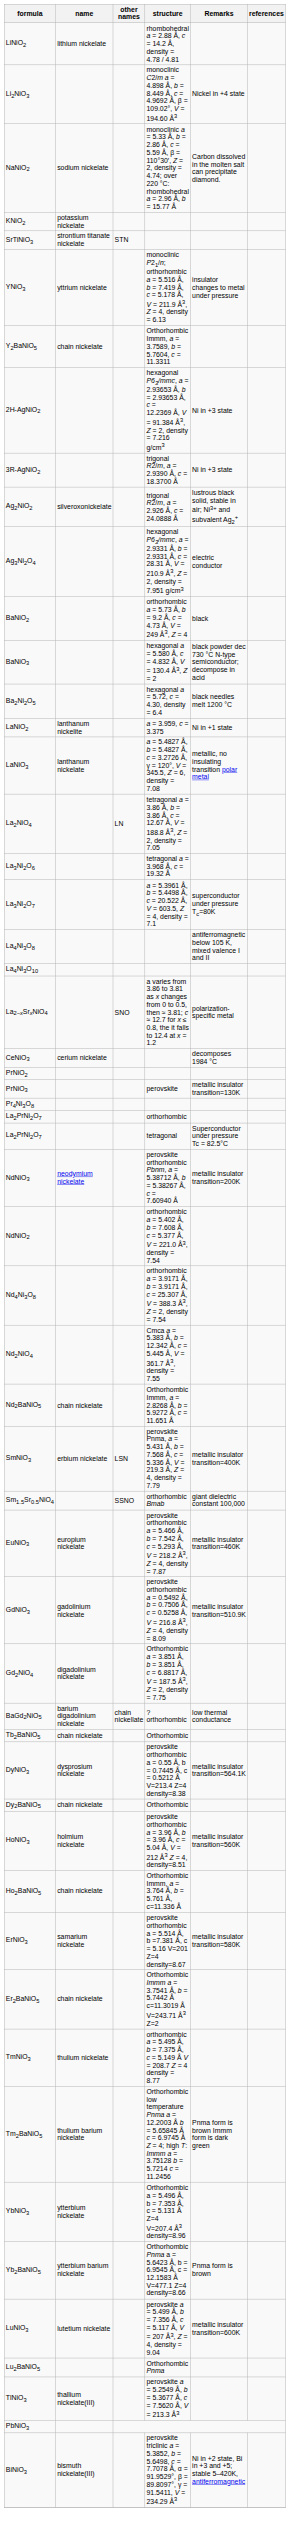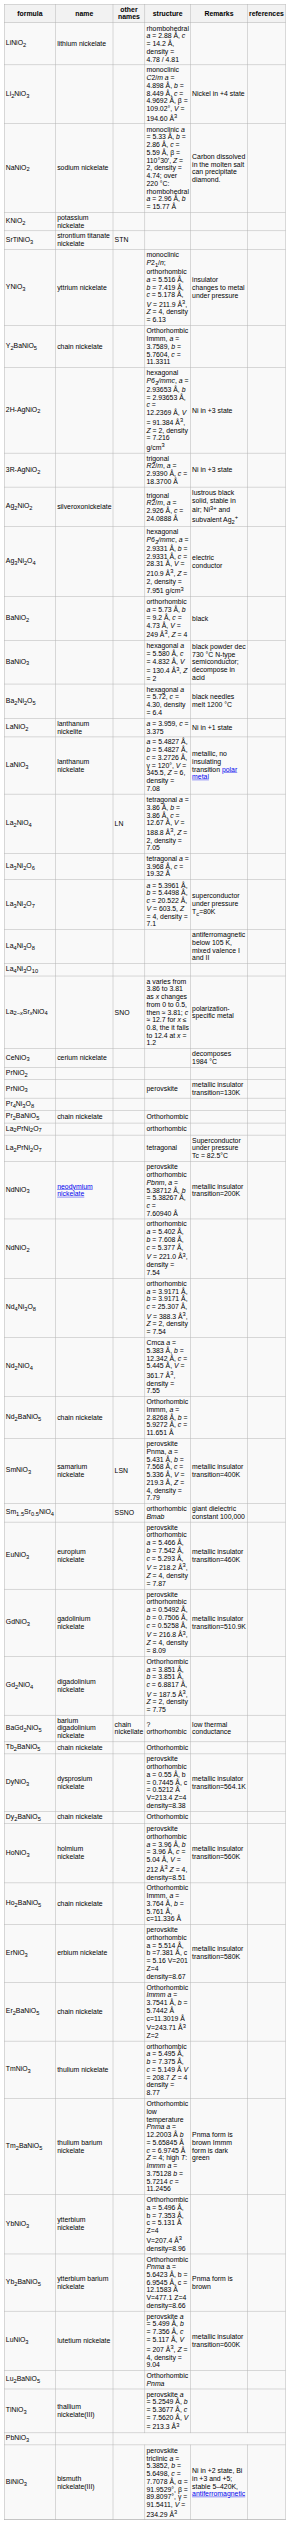 <table class="wikitable">
 <tr>
 <th>formula</th>
 <th>name</th>
 <th>other names</th>
 <th>structure</th>
 <th>Remarks</th>
 <th>references</th>
 </tr>
 <tr>
 <td>LiNiO<sub>2</sub></td>
 <td>lithium nickelate</td>
 <td></td>
 <td>rhombohedral <em>a</em> = 2.88 Å, <em>c</em> = 14.2 Å, density = 4.78 / 4.81</td>
 <td></td>
 <td></td>
 </tr>
 <tr>
 <td>Li<sub>2</sub>NiO<sub>3</sub></td>
 <td></td>
 <td></td>
 <td>monoclinic <em>C</em>2/<em>m</em> <em>a</em> = 4.898 Å, <em>b</em> = 8.449 Å, <em>c</em> = 4.9692 Å, β = 109.02°, <em>V</em> = 194.60 Å<sup>3</sup></td>
 <td>Nickel in +4 state</td>
 <td></td>
 </tr>
 <tr>
 <td>NaNiO<sub>2</sub></td>
 <td>sodium nickelate</td>
 <td></td>
 <td>monoclinic <em>a</em> = 5.33 Å, <em>b</em> = 2.86 Å, <em>c</em> = 5.59 Å, β = 110°30′, <em>Z</em> = 2, density = 4.74; over 220 °C: rhombohedral <em>a</em> = 2.96 Å, <em>b</em> = 15.77 Å</td>
 <td>Carbon dissolved in the molten salt can precipitate diamond.</td>
 <td></td>
 </tr>
 <tr>
 <td>KNiO<sub>2</sub></td>
 <td>potassium nickelate</td>
 <td></td>
 <td></td>
 <td></td>
 <td></td>
 </tr>
 <tr>
 <td>SrTiNiO<sub>3</sub></td>
 <td>strontium titanate nickelate</td>
 <td>STN</td>
 <td></td>
 <td></td>
 <td></td>
 </tr>
 <tr>
 <td>YNiO<sub>3</sub></td>
 <td>yttrium nickelate</td>
 <td></td>
 <td>monoclinic <em>P</em>2<sub>1</sub>/<em>n</em>; orthorhombic <em>a</em> = 5.516 Å, <em>b</em> = 7.419 Å, <em>c</em> = 5.178 Å, <em>V</em> = 211.9 Å<sup>3</sup>, <em>Z</em> = 4, density = 6.13</td>
 <td>insulator changes to metal under pressure</td>
 <td></td>
 </tr>
 <tr>
 <td>Y<sub>2</sub>BaNiO<sub>5</sub></td>
 <td>chain nickelate</td>
 <td></td>
 <td>Orthorhombic Immm, <em>a</em> = 3.7589, <em>b</em> = 5.7604, <em>c</em> = 11.3311</td>
 <td></td>
 <td></td>
 </tr>
 <tr>
 <td>2H-AgNiO<sub>2</sub></td>
 <td></td>
 <td></td>
 <td>hexagonal <em>P6<sub>3</sub>/mmc</em>, <em>a</em> = 2.93653 Å, <em>b</em> = 2.93653 Å, <em>c</em> = 12.2369 Å, <em>V</em> = 91.384 Å<sup>3</sup>, <em>Z</em> = 2, density = 7.216 g/cm<sup>3</sup></td>
 <td>Ni in +3 state</td>
 <td></td>
 </tr>
 <tr>
 <td>3R-AgNiO<sub>2</sub></td>
 <td></td>
 <td></td>
 <td>trigonal <em>R</em>2/<em>m</em>, <em>a</em> = 2.9390 Å, <em>c</em> = 18.3700 Å</td>
 <td>Ni in +3 state</td>
 <td></td>
 </tr>
 <tr>
 <td>Ag<sub>2</sub>NiO<sub>2</sub></td>
 <td>silveroxonickelate</td>
 <td></td>
 <td>trigonal <em>R</em>2/<em>m</em>, <em>a</em> = 2.926 Å, <em>c</em> = 24.0888 Å</td>
 <td>lustrous black solid, stable in air; Ni<sup>3+</sup> and subvalent Ag<sub>2</sub><sup>+</sup></td>
 <td></td>
 </tr>
 <tr>
 <td>Ag<sub>3</sub>Ni<sub>2</sub>O<sub>4</sub></td>
 <td></td>
 <td></td>
 <td>hexagonal <em>P6<sub>3</sub>/mmc</em>, <em>a</em> = 2.9331 Å, <em>b</em> = 2.9331 Å, <em>c</em> = 28.31 Å, <em>V</em> = 210.9 Å<sup>3</sup>, <em>Z</em> = 2, density = 7.951 g/cm<sup>3</sup></td>
 <td>electric conductor</td>
 <td></td>
 </tr>
 <tr>
 <td>BaNiO<sub>2</sub></td>
 <td></td>
 <td></td>
 <td>orthorhombic <em>a</em> = 5.73 Å, <em>b</em> = 9.2 Å, <em>c</em> = 4.73 Å, <em>V</em> = 249 Å<sup>3</sup>, <em>Z</em> = 4</td>
 <td>black</td>
 <td></td>
 </tr>
 <tr>
 <td>BaNiO<sub>3</sub></td>
 <td></td>
 <td></td>
 <td>hexagonal <em>a</em> = 5.580 Å, <em>c</em> = 4.832 Å, <em>V</em> = 130.4 Å<sup>3</sup>, <em>Z</em> = 2</td>
 <td>black powder dec 730 °C N-type semiconductor; decompose in acid</td>
 <td></td>
 </tr>
 <tr>
 <td>Ba<sub>2</sub>Ni<sub>2</sub>O<sub>5</sub></td>
 <td></td>
 <td></td>
 <td>hexagonal <em>a</em> = 5.72, <em>c</em> = 4.30, density = 6.4</td>
 <td>black needles melt 1200 °C</td>
 <td></td>
 </tr>
 <tr>
 <td>LaNiO<sub>2</sub></td>
 <td>lanthanum nickelite</td>
 <td></td>
 <td><em>a</em> = 3.959, <em>c</em> = 3.375</td>
 <td>Ni in +1 state</td>
 <td></td>
 </tr>
 <tr>
 <td>LaNiO<sub>3</sub></td>
 <td>lanthanum nickelate</td>
 <td></td>
 <td><em>a</em> = 5.4827 Å, <em>b</em> = 5.4827 Å, <em>c</em> = 3.2726 Å, γ = 120°, <em>V</em> = 345.5, <em>Z</em> = 6, density = 7.08</td>
 <td>metallic, no insulating transition <a href='#'>polar metal</a></td>
 <td></td>
 </tr>
 <tr>
 <td>La<sub>2</sub>NiO<sub>4</sub></td>
 <td></td>
 <td>LN</td>
 <td>tetragonal <em>a</em> = 3.86 Å, <em>b</em> = 3.86 Å, <em>c</em> = 12.67 Å, <em>V</em> = 188.8 Å<sup>3</sup>, <em>Z</em> = 2, density = 7.05</td>
 <td></td>
 <td></td>
 </tr>
 <tr>
 <td>La<sub>3</sub>Ni<sub>2</sub>O<sub>6</sub></td>
 <td></td>
 <td></td>
 <td>tetragonal <em>a</em> = 3.968 Å, <em>c</em> = 19.32 Å</td>
 <td></td>
 <td></td>
 </tr>
 <tr>
 <td>La<sub>3</sub>Ni<sub>2</sub>O<sub>7</sub></td>
 <td></td>
 <td></td>
 <td><em>a</em> = 5.3961 Å, <em>b</em> = 5.4498 Å, <em>c</em> = 20.522 Å, <em>V</em> = 603.5, <em>Z</em> = 4, density = 7.1</td>
 <td>superconductor under pressure T<sub>c</sub>=80K</td>
 <td></td>
 </tr>
 <tr>
 <td>La<sub>4</sub>Ni<sub>3</sub>O<sub>8</sub></td>
 <td></td>
 <td></td>
 <td></td>
 <td>antiferromagnetic below 105 K, mixed valence I and II</td>
 <td></td>
 </tr>
 <tr>
 <td>La<sub>4</sub>Ni<sub>3</sub>O<sub>10</sub></td>
 <td></td>
 <td></td>
 <td></td>
 <td></td>
 <td></td>
 </tr>
 <tr>
 <td>La<sub>2−<em>x</em></sub>Sr<sub><em>x</em></sub>NiO<sub>4</sub></td>
 <td></td>
 <td>SNO</td>
 <td>a varies from 3.86 to 3.81 as <em>x</em> changes from 0 to 0.5, then ≈ 3.81; <em>c</em> ≈ 12.7 for <em>x</em> ≤ 0.8, the it falls to 12.4 at <em>x</em> = 1.2</td>
 <td>polarization-specific metal</td>
 <td></td>
 </tr>
 <tr>
 <td>CeNiO<sub>3</sub></td>
 <td>cerium nickelate</td>
 <td></td>
 <td></td>
 <td>decomposes 1984 °C</td>
 <td></td>
 </tr>
 <tr>
 <td>PrNiO<sub>2</sub></td>
 <td></td>
 <td></td>
 <td></td>
 <td></td>
 <td></td>
 </tr>
 <tr>
 <td>PrNiO<sub>3</sub></td>
 <td></td>
 <td></td>
 <td>perovskite</td>
 <td>metallic insulator transition=130K</td>
 <td></td>
 </tr>
 <tr>
 <td>Pr<sub>4</sub>Ni<sub>3</sub>O<sub>8</sub></td>
 <td></td>
 <td></td>
 <td></td>
 <td></td>
 <td></td>
 </tr>
 <tr>
+<td>Pr<sub>2</sub>BaNiO<sub>5</sub></td>
+<td>chain nickelate</td>
+<td></td>
+<td>Orthorhombic</td>
+<td></td>
+<td></td>
+</tr>
+<tr>
 <td>La<sub>2</sub>PrNi<sub>2</sub>O<sub>7</sub></td>
 <td></td>
 <td></td>
 <td>orthorhombic</td>
 <td></td>
 <td></td>
 </tr>
 <tr>
 <td>La<sub>2</sub>PrNi<sub>2</sub>O<sub>7</sub></td>
 <td></td>
 <td></td>
 <td>tetragonal</td>
 <td>Superconductor under pressure Tc = 82.5°C</td>
 <td></td>
 </tr>
 <tr>
 <td>NdNiO<sub>3</sub></td>
 <td><a href='#'>neodymium nickelate</a></td>
 <td></td>
 <td>perovskite orthorhombic <em>Pbnm</em>, <em>a</em> = 5.38712 Å, <em>b</em> = 5.38267 Å, <em>c</em> = 7.60940 Å</td>
 <td>metallic insulator transition=200K</td>
 <td></td>
 </tr>
 <tr>
 <td>NdNiO<sub>2</sub></td>
 <td></td>
 <td></td>
 <td>orthorhombic <em>a</em> = 5.402 Å, <em>b</em> = 7.608 Å, <em>c</em> = 5.377 Å, <em>V</em> = 221.0 Å<sup>3</sup>, density = 7.54</td>
 <td></td>
 <td></td>
 </tr>
 <tr>
 <td>Nd<sub>4</sub>Ni<sub>3</sub>O<sub>8</sub></td>
 <td></td>
 <td></td>
 <td>orthorhombic <em>a</em> = 3.9171 Å, <em>b</em> = 3.9171 Å, <em>c</em> = 25.307 Å, <em>V</em> = 388.3 Å<sup>3</sup>, <em>Z</em> = 2, density = 7.54</td>
 <td></td>
 <td></td>
 </tr>
 <tr>
 <td>Nd<sub>2</sub>NiO<sub>4</sub></td>
 <td></td>
 <td></td>
 <td>Cmca <em>a</em> = 5.383 Å, <em>b</em> = 12.342 Å, <em>c</em> = 5.445 Å, <em>V</em> = 361.7 Å<sup>3</sup>, density = 7.55</td>
 <td></td>
 <td></td>
 </tr>
 <tr>
 <td>Nd<sub>2</sub>BaNiO<sub>5</sub></td>
 <td>chain nickelate</td>
 <td></td>
 <td>Orthorhombic Immm, <em>a</em> = 2.8268 Å, <em>b</em> = 5.9272 Å, <em>c</em> = 11.651 Å</td>
 <td></td>
 <td></td>
 </tr>
 <tr>
 <td>SmNiO<sub>3</sub></td>
-<td>erbium nickelate</td>
+<td>samarium nickelate</td>
 <td>LSN</td>
 <td>perovskite Pnma, <em>a</em> = 5.431 Å, <em>b</em> = 7.568 Å, <em>c</em> = 5.336 Å, <em>V</em> = 219.3 Å, <em>Z</em> = 4, density = 7.79</td>
 <td>metallic insulator transition=400K</td>
 <td></td>
 </tr>
 <tr>
 <td>Sm<sub>1.5</sub>Sr<sub>0.5</sub>NiO<sub>4</sub></td>
 <td></td>
 <td>SSNO</td>
 <td>orthorhombic <em>Bmab</em></td>
 <td>giant dielectric constant 100,000</td>
 <td></td>
 </tr>
 <tr>
 <td>EuNiO<sub>3</sub></td>
 <td>europium nickelate</td>
 <td></td>
 <td>perovskite orthorhombic <em>a</em> = 5.466 Å, <em>b</em> = 7.542 Å, <em>c</em> = 5.293 Å, <em>V</em> = 218.2 Å<sup>3</sup>, <em>Z</em> = 4, density = 7.87</td>
 <td>metallic insulator transition=460K</td>
 <td></td>
 </tr>
 <tr>
 <td>GdNiO<sub>3</sub></td>
 <td>gadolinium nickelate</td>
 <td></td>
 <td>perovskite orthorhombic <em>a</em> = 0.5492 Å, <em>b</em> = 0.7506 Å, <em>c</em> = 0.5258 Å, <em>V</em> = 216.8 Å<sup>3</sup>, <em>Z</em> = 4, density = 8.09</td>
 <td>metallic insulator transition=510.9K</td>
 <td></td>
 </tr>
 <tr>
 <td>Gd<sub>2</sub>NiO<sub>4</sub></td>
 <td>digadolinium nickelate</td>
 <td></td>
 <td>Orthorhombic <em>a</em> = 3.851 Å, <em>b</em> = 3.851 Å, <em>c</em> = 6.8817 Å, <em>V</em> = 187.5 Å<sup>3</sup>, <em>Z</em> = 2, density = 7.75</td>
 <td></td>
 <td></td>
 </tr>
 <tr>
 <td>BaGd<sub>2</sub>NiO<sub>5</sub></td>
 <td>barium digadolinium nickelate</td>
 <td>chain nickellate</td>
 <td>?orthorhombic</td>
 <td>low thermal conductance</td>
 <td></td>
 </tr>
 <tr>
 <td>Tb<sub>2</sub>BaNiO<sub>5</sub></td>
 <td>chain nickelate</td>
 <td></td>
 <td>Orthorhombic</td>
 <td></td>
 <td></td>
 </tr>
 <tr>
 <td>DyNiO<sub>3</sub></td>
 <td>dysprosium nickelate</td>
 <td></td>
 <td>perovskite orthorhombic a = 0.55 Å, b = 0.7445 Å, c = 0.5212 Å V=213.4 Z=4 density=8.38</td>
 <td>metallic insulator transition=564.1K</td>
 <td></td>
 </tr>
 <tr>
 <td>Dy<sub>2</sub>BaNiO<sub>5</sub></td>
 <td>chain nickelate</td>
 <td></td>
 <td>Orthorhombic</td>
 <td></td>
 <td></td>
 </tr>
 <tr>
 <td>HoNiO<sub>3</sub></td>
 <td>holmium nickelate</td>
 <td></td>
 <td>perovskite orthorhombic <em>a</em> = 3.96 Å, <em>b</em> = 3.96 Å, <em>c</em> = 5.04 Å, <em>V</em> = 212 Å<sup>3</sup> <em>Z</em> = 4, density=8.51</td>
 <td>metallic insulator transition=560K</td>
 <td></td>
 </tr>
 <tr>
 <td>Ho<sub>2</sub>BaNiO<sub>5</sub></td>
 <td>chain nickelate</td>
 <td></td>
 <td>Orthorhombic Immm, <em>a</em> = 3.764 Å, <em>b</em> = 5.761 Å, c=11.336 Å</td>
 <td></td>
 <td></td>
 </tr>
 <tr>
 <td>ErNiO<sub>3</sub></td>
-<td>samarium nickelate</td>
+<td>erbium nickelate</td>
 <td></td>
 <td>perovskite orthorhombic a = 5.514 Å, b =7.381 Å, c = 5.16 V=201 Z=4 density=8.67</td>
 <td>metallic insulator transition=580K</td>
 <td></td>
 </tr>
 <tr>
 <td>Er<sub>2</sub>BaNiO<sub>5</sub></td>
 <td>chain nickelate</td>
 <td></td>
 <td>Orthorhombic <em>Immm</em> <em>a</em> = 3.7541 Å, <em>b</em> = 5.7442 Å c=11.3019 Å V=243.71 Å<sup>3</sup> Z=2</td>
 <td></td>
 <td></td>
 </tr>
 <tr>
 <td>TmNiO<sub>3</sub></td>
 <td>thulium nickelate</td>
 <td></td>
 <td>orthorhombic <em>a</em> = 5.495 Å, <em>b</em> = 7.375 Å, <em>c</em> = 5.149 Å <em>V</em> = 208.7 <em>Z</em> = 4 density = 8.77</td>
 <td></td>
 <td></td>
 </tr>
 <tr>
 <td>Tm<sub>2</sub>BaNiO<sub>5</sub></td>
 <td>thulium barium nickelate</td>
 <td></td>
 <td>Orthorhombic low temperature <em>Pnma</em> <em>a</em> = 12.2003 Å <em>b</em> = 5.65845 Å <em>c</em> = 6.9745 Å <em>Z</em> = 4; high <em>T</em>: <em>Immm</em> <em>a</em> = 3.75128 <em>b</em> = 5.7214 <em>c</em> = 11.2456</td>
 <td>Pnma form is brown Immm form is dark green</td>
 <td></td>
 </tr>
 <tr>
 <td>YbNiO<sub>3</sub></td>
 <td>ytterbium nickelate</td>
 <td></td>
 <td>Orthorhombic a = 5.496 Å, b = 7.353 Å, c = 5.131 Å Z=4 V=207.4 Å<sup>3</sup> density=8.96</td>
 <td></td>
 <td></td>
 </tr>
 <tr>
 <td>Yb<sub>2</sub>BaNiO<sub>5</sub></td>
 <td>ytterbium barium nickelate</td>
 <td></td>
 <td>Orthorhombic  <em>Pnma</em> a = 5.6423 Å, b = 6.9545 Å, c = 12.1583 Å V=477.1 Z=4 density=8.66</td>
 <td>Pnma form is brown</td>
 <td></td>
 </tr>
 <tr>
 <td>LuNiO<sub>3</sub></td>
 <td>lutetium nickelate</td>
 <td></td>
 <td>perovskite <em>a</em> = 5.499 Å, <em>b</em> = 7.356 Å, <em>c</em> = 5.117 Å, <em>V</em> = 207 Å<sup>3</sup>, <em>Z</em> = 4, density = 9.04</td>
 <td>metallic insulator transition=600K</td>
 <td></td>
 </tr>
 <tr>
 <td>Lu<sub>2</sub>BaNiO<sub>5</sub></td>
 <td></td>
 <td></td>
 <td>Orthorhombic <em>Pnma</em></td>
 <td></td>
 <td></td>
 </tr>
 <tr>
 <td>TlNiO<sub>3</sub></td>
 <td>thallium nickelate(III)</td>
 <td></td>
 <td>perovskite <em>a</em> = 5.2549 Å, <em>b</em> = 5.3677 Å, <em>c</em> = 7.5620 Å, <em>V</em> = 213.3 Å<sup>3</sup></td>
 <td></td>
 <td></td>
 </tr>
 <tr>
 <td>PbNiO<sub>3</sub></td>
 <td></td>
 </tr>
 <tr>
 <td>BiNiO<sub>3</sub></td>
 <td>bismuth nickelate(III)</td>
 <td></td>
 <td>perovskite triclinic <em>a</em> = 5.3852, <em>b</em> = 5.6498, <em>c</em> = 7.7078 Å, α = 91.9529°, β = 89.8097°, γ = 91.5411, <em>V</em> = 234.29 Å<sup>3</sup></td>
 <td>Ni in +2 state, Bi in +3 and +5; stable 5–420K, <a href='#'>antiferromagnetic</a></td>
 <td></td>
 </tr>
 <tr>
 </tr>
 </table>
